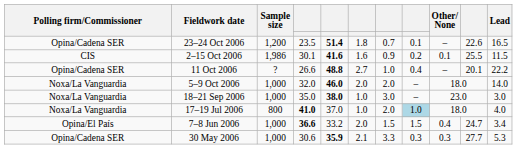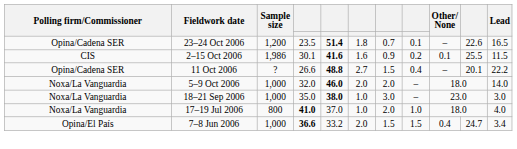 <table class="wikitable collapsible collapsed" style="text-align:center; font-size:90%; line-height:14px;">
 <tr style="height:42px;">
 <th style="width:250px;" rowspan="2">Polling firm/Commissioner</th>
 <th style="width:125px;" rowspan="2">Fieldwork date</th>
 <th style="width:50px;" rowspan="2">Sample size</th>
 <th style="width:35px;"></th>
 <th style="width:35px;"></th>
 <th style="width:35px;"></th>
 <th style="width:35px;"></th>
 <th style="width:35px;"></th>
 <th style="width:35px;" rowspan="2">Other/<br>None</th>
 <th style="width:35px;" rowspan="2"></th>
 <th style="width:30px;" rowspan="2">Lead</th>
 </tr>
 <tr>
 <th style="color:inherit;background:"></th>
 <th style="color:inherit;background:"></th>
 <th style="color:inherit;background:"></th>
 <th style="color:inherit;background:"></th>
 <th style="color:inherit;background:"></th>
 </tr>
 <tr>
 <td>Opina/Cadena SER</td>
 <td>23–24 Oct 2006</td>
 <td>1,200</td>
 <td>23.5</td>
 <td><strong>51.4</strong></td>
 <td>1.8</td>
 <td>0.7</td>
 <td>0.1</td>
 <td>–</td>
 <td>22.6</td>
 <td style="background:">16.5</td>
 </tr>
 <tr>
 <td>CIS</td>
 <td>2–15 Oct 2006</td>
 <td>1,986</td>
 <td>30.1</td>
 <td><strong>41.6</strong></td>
 <td>1.6</td>
 <td>0.9</td>
 <td>0.2</td>
 <td>0.1</td>
 <td>25.5</td>
 <td style="background:">11.5</td>
 </tr>
 <tr>
 <td>Opina/Cadena SER</td>
 <td>11 Oct 2006</td>
 <td>?</td>
 <td>26.6</td>
 <td><strong>48.8</strong></td>
 <td>2.7</td>
-<td>1.0</td>
+<td>1.5</td>
 <td>0.4</td>
 <td>–</td>
 <td>20.1</td>
 <td style="background:">22.2</td>
 </tr>
 <tr>
 <td>Noxa/La Vanguardia</td>
 <td>5–9 Oct 2006</td>
 <td>1,000</td>
 <td>32.0</td>
 <td><strong>46.0</strong></td>
 <td>2.0</td>
 <td>2.0</td>
 <td>–</td>
 <td colspan="2">18.0</td>
 <td style="background:">14.0</td>
 </tr>
 <tr>
 <td>Noxa/La Vanguardia</td>
 <td>18–21 Sep 2006</td>
 <td>1,000</td>
 <td>35.0</td>
 <td><strong>38.0</strong></td>
 <td>1.0</td>
 <td>3.0</td>
 <td>–</td>
 <td colspan="2">23.0</td>
 <td style="background:">3.0</td>
 </tr>
 <tr>
 <td>Noxa/La Vanguardia</td>
 <td>17–19 Jul 2006</td>
 <td>800</td>
 <td><strong>41.0</strong></td>
 <td>37.0</td>
 <td>1.0</td>
 <td>2.0</td>
-<td style="background: lightblue;">1.0</td>
+<td>1.0</td>
 <td colspan="2">18.0</td>
 <td style="background:">4.0</td>
 </tr>
 <tr>
 <td>Opina/El País</td>
 <td>7–8 Jun 2006</td>
 <td>1,000</td>
 <td><strong>36.6</strong></td>
 <td>33.2</td>
 <td>2.0</td>
 <td>1.5</td>
 <td>1.5</td>
 <td>0.4</td>
 <td>24.7</td>
 <td style="background:">3.4</td>
 </tr>
-<tr>
-<td>Opina/Cadena SER</td>
-<td>30 May 2006</td>
-<td>1,000</td>
-<td>30.6</td>
-<td><strong>35.9</strong></td>
-<td>2.1</td>
-<td>3.3</td>
-<td>0.3</td>
-<td>0.3</td>
-<td>27.7</td>
-<td style="background:">5.3</td>
-</tr>
 </table>
